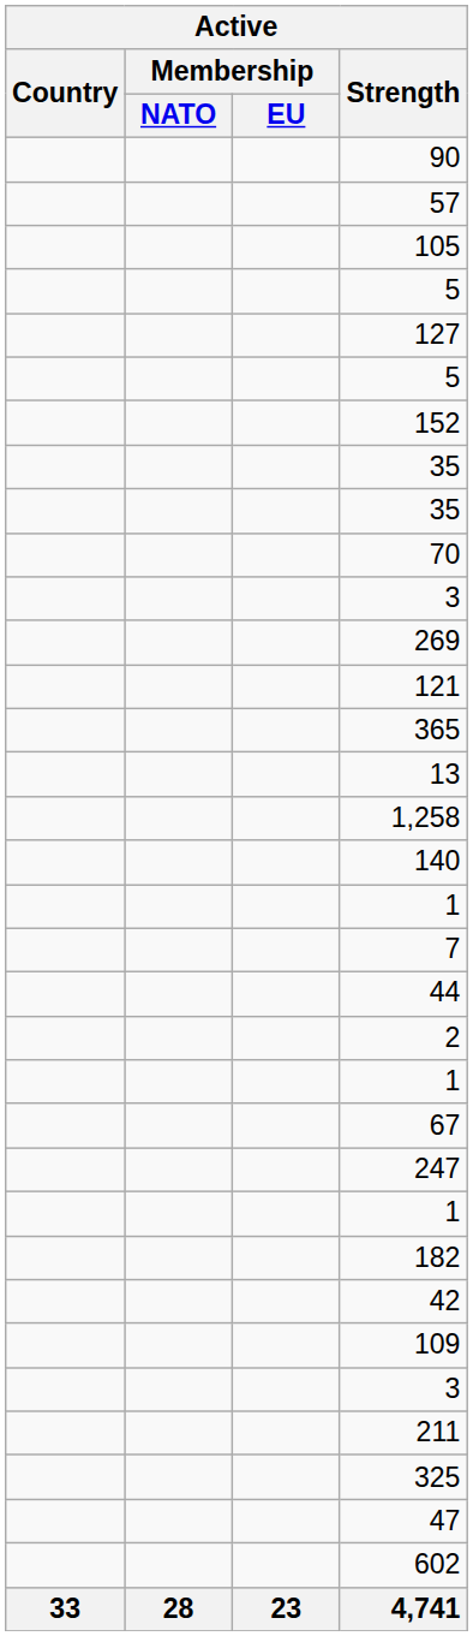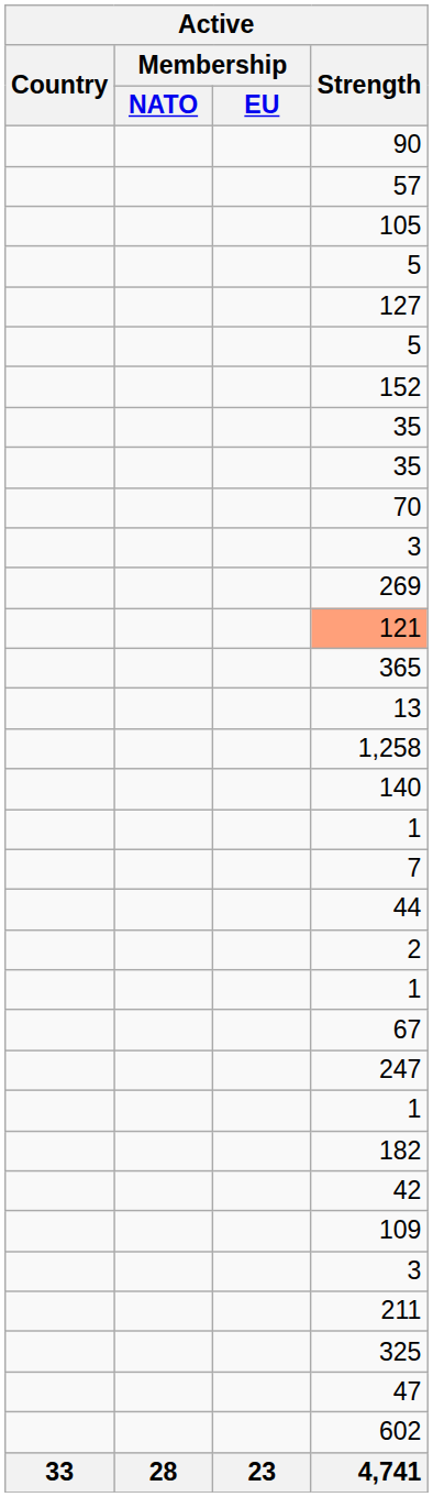 <table class="wikitable sortable">
 <tr>
 <th colspan="5">Active</th>
 </tr>
 <tr>
 <th rowspan="2">Country</th>
 <th colspan="2">Membership</th>
 <th rowspan="2">Strength</th>
 </tr>
 <tr>
 <th style="width:55px;"><a href='#'>NATO</a></th>
 <th style="width:55px;"><a href='#'>EU</a></th>
 </tr>
 <tr>
 <td></td>
 <td></td>
 <td></td>
 <td style="text-align:right">90</td>
 </tr>
 <tr>
 <td></td>
 <td></td>
 <td></td>
 <td style="text-align:right">57</td>
 </tr>
 <tr>
 <td></td>
 <td></td>
 <td></td>
 <td style="text-align:right">105</td>
 </tr>
 <tr>
 <td></td>
 <td></td>
 <td></td>
 <td style="text-align:right">5</td>
 </tr>
 <tr>
 <td></td>
 <td></td>
 <td></td>
 <td style="text-align:right">127</td>
 </tr>
 <tr>
 <td></td>
 <td></td>
 <td></td>
 <td style="text-align:right">5</td>
 </tr>
 <tr>
 <td></td>
 <td></td>
 <td></td>
 <td style="text-align:right">152</td>
 </tr>
 <tr>
 <td></td>
 <td></td>
 <td></td>
 <td style="text-align:right">35</td>
 </tr>
 <tr>
 <td></td>
 <td></td>
 <td></td>
 <td style="text-align:right">35</td>
 </tr>
 <tr>
 <td></td>
 <td></td>
 <td></td>
 <td style="text-align:right">70</td>
 </tr>
 <tr>
 <td></td>
 <td></td>
 <td></td>
 <td style="text-align:right">3</td>
 </tr>
 <tr>
 <td></td>
 <td></td>
 <td></td>
 <td style="text-align:right">269</td>
 </tr>
 <tr>
 <td></td>
 <td></td>
 <td></td>
-<td style="text-align:right">121</td>
+<td style="background: lightsalmon; text-align:right">121</td>
 </tr>
 <tr>
 <td></td>
 <td></td>
 <td></td>
 <td style="text-align:right">365</td>
 </tr>
 <tr>
 <td></td>
 <td></td>
 <td></td>
 <td style="text-align:right">13</td>
 </tr>
 <tr>
 <td></td>
 <td></td>
 <td></td>
 <td style="text-align:right">1,258</td>
 </tr>
 <tr>
 <td></td>
 <td></td>
 <td></td>
 <td style="text-align:right">140</td>
 </tr>
 <tr>
 <td></td>
 <td></td>
 <td></td>
 <td style="text-align:right">1</td>
 </tr>
 <tr>
 <td></td>
 <td></td>
 <td></td>
 <td style="text-align:right">7</td>
 </tr>
 <tr>
 <td></td>
 <td></td>
 <td></td>
 <td style="text-align:right">44</td>
 </tr>
 <tr>
 <td></td>
 <td></td>
 <td></td>
 <td style="text-align:right">2</td>
 </tr>
 <tr>
 <td></td>
 <td></td>
 <td></td>
 <td style="text-align:right">1</td>
 </tr>
 <tr>
 <td></td>
 <td></td>
 <td></td>
 <td style="text-align:right">67</td>
 </tr>
 <tr>
 <td></td>
 <td></td>
 <td></td>
 <td style="text-align:right">247</td>
 </tr>
 <tr>
 <td></td>
 <td></td>
 <td></td>
 <td style="text-align:right">1</td>
 </tr>
 <tr>
 <td></td>
 <td></td>
 <td></td>
 <td style="text-align:right">182</td>
 </tr>
 <tr>
 <td></td>
 <td></td>
 <td></td>
 <td style="text-align:right">42</td>
 </tr>
 <tr>
 <td></td>
 <td></td>
 <td></td>
 <td style="text-align:right">109</td>
 </tr>
 <tr>
 <td></td>
 <td></td>
 <td></td>
 <td style="text-align:right">3</td>
 </tr>
 <tr>
 <td></td>
 <td></td>
 <td></td>
 <td style="text-align:right">211</td>
 </tr>
 <tr>
 <td></td>
 <td></td>
 <td></td>
 <td style="text-align:right">325</td>
 </tr>
 <tr>
 <td></td>
 <td></td>
 <td></td>
 <td style="text-align:right">47</td>
 </tr>
 <tr>
 <td></td>
 <td></td>
 <td></td>
 <td style="text-align:right">602</td>
 </tr>
 <tr>
 <th>33</th>
 <th>28</th>
 <th>23</th>
 <th style="text-align:right">4,741</th>
 </tr>
 </table>
